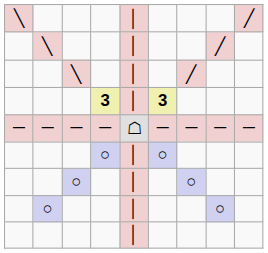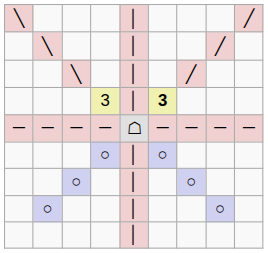 <table border="1" class="wikitable">
 <tr align=center>
 <td width="20" style="background:#f0d0d0;">╲</td>
 <td width="20"> </td>
 <td width="20"> </td>
 <td width="20"> </td>
 <td width="20" style="background:#f0d0d0;">│</td>
 <td width="20"> </td>
 <td width="20"> </td>
 <td width="20"> </td>
 <td width="20" style="background:#f0d0d0;">╱</td>
 </tr>
 <tr align=center>
 <td> </td>
 <td style="background:#f0d0d0;">╲</td>
 <td> </td>
 <td> </td>
 <td style="background:#f0d0d0;">│</td>
 <td> </td>
 <td> </td>
 <td style="background:#f0d0d0;">╱</td>
 <td> </td>
 </tr>
 <tr align=center>
 <td> </td>
 <td> </td>
 <td style="background:#f0d0d0;">╲</td>
 <td> </td>
 <td style="background:#f0d0d0;">│</td>
 <td> </td>
 <td style="background:#f0d0d0;">╱</td>
 <td> </td>
 <td> </td>
 </tr>
 <tr align=center>
 <td> </td>
 <td> </td>
 <td> </td>
-<td style="background:#f0f0b0;"><strong>3</strong></td>
+<td style="background:#f0f0b0;">3</td>
 <td style="background:#f0d0d0;">│</td>
 <td style="background:#f0f0b0;"><strong>3</strong></td>
 <td> </td>
 <td> </td>
 <td> </td>
 </tr>
 <tr align=center>
 <td style="background:#f0d0d0;">─</td>
 <td style="background:#f0d0d0;">─</td>
 <td style="background:#f0d0d0;">─</td>
 <td style="background:#f0d0d0;">─</td>
 <td style="background:#e0e0e0;">☖</td>
 <td style="background:#f0d0d0;">─</td>
 <td style="background:#f0d0d0;">─</td>
 <td style="background:#f0d0d0;">─</td>
 <td style="background:#f0d0d0;">─</td>
 </tr>
 <tr align=center>
 <td> </td>
 <td> </td>
 <td> </td>
 <td style="background:#d0d0f0;">○</td>
 <td style="background:#f0d0d0;">│</td>
 <td style="background:#d0d0f0;">○</td>
 <td> </td>
 <td> </td>
 <td> </td>
 </tr>
 <tr align=center>
 <td> </td>
 <td> </td>
 <td style="background:#d0d0f0;">○</td>
 <td> </td>
 <td style="background:#f0d0d0;">│</td>
 <td> </td>
 <td style="background:#d0d0f0;">○</td>
 <td> </td>
 <td> </td>
 </tr>
 <tr align=center>
 <td> </td>
 <td style="background:#d0d0f0;">○</td>
 <td> </td>
 <td> </td>
 <td style="background:#f0d0d0;">│</td>
 <td> </td>
 <td> </td>
 <td style="background:#d0d0f0;">○</td>
 <td> </td>
 </tr>
 <tr align=center>
 <td> </td>
 <td> </td>
 <td> </td>
 <td> </td>
 <td style="background:#f0d0d0;">│</td>
 <td> </td>
 <td> </td>
 <td> </td>
 <td> </td>
 </tr>
 </table>
